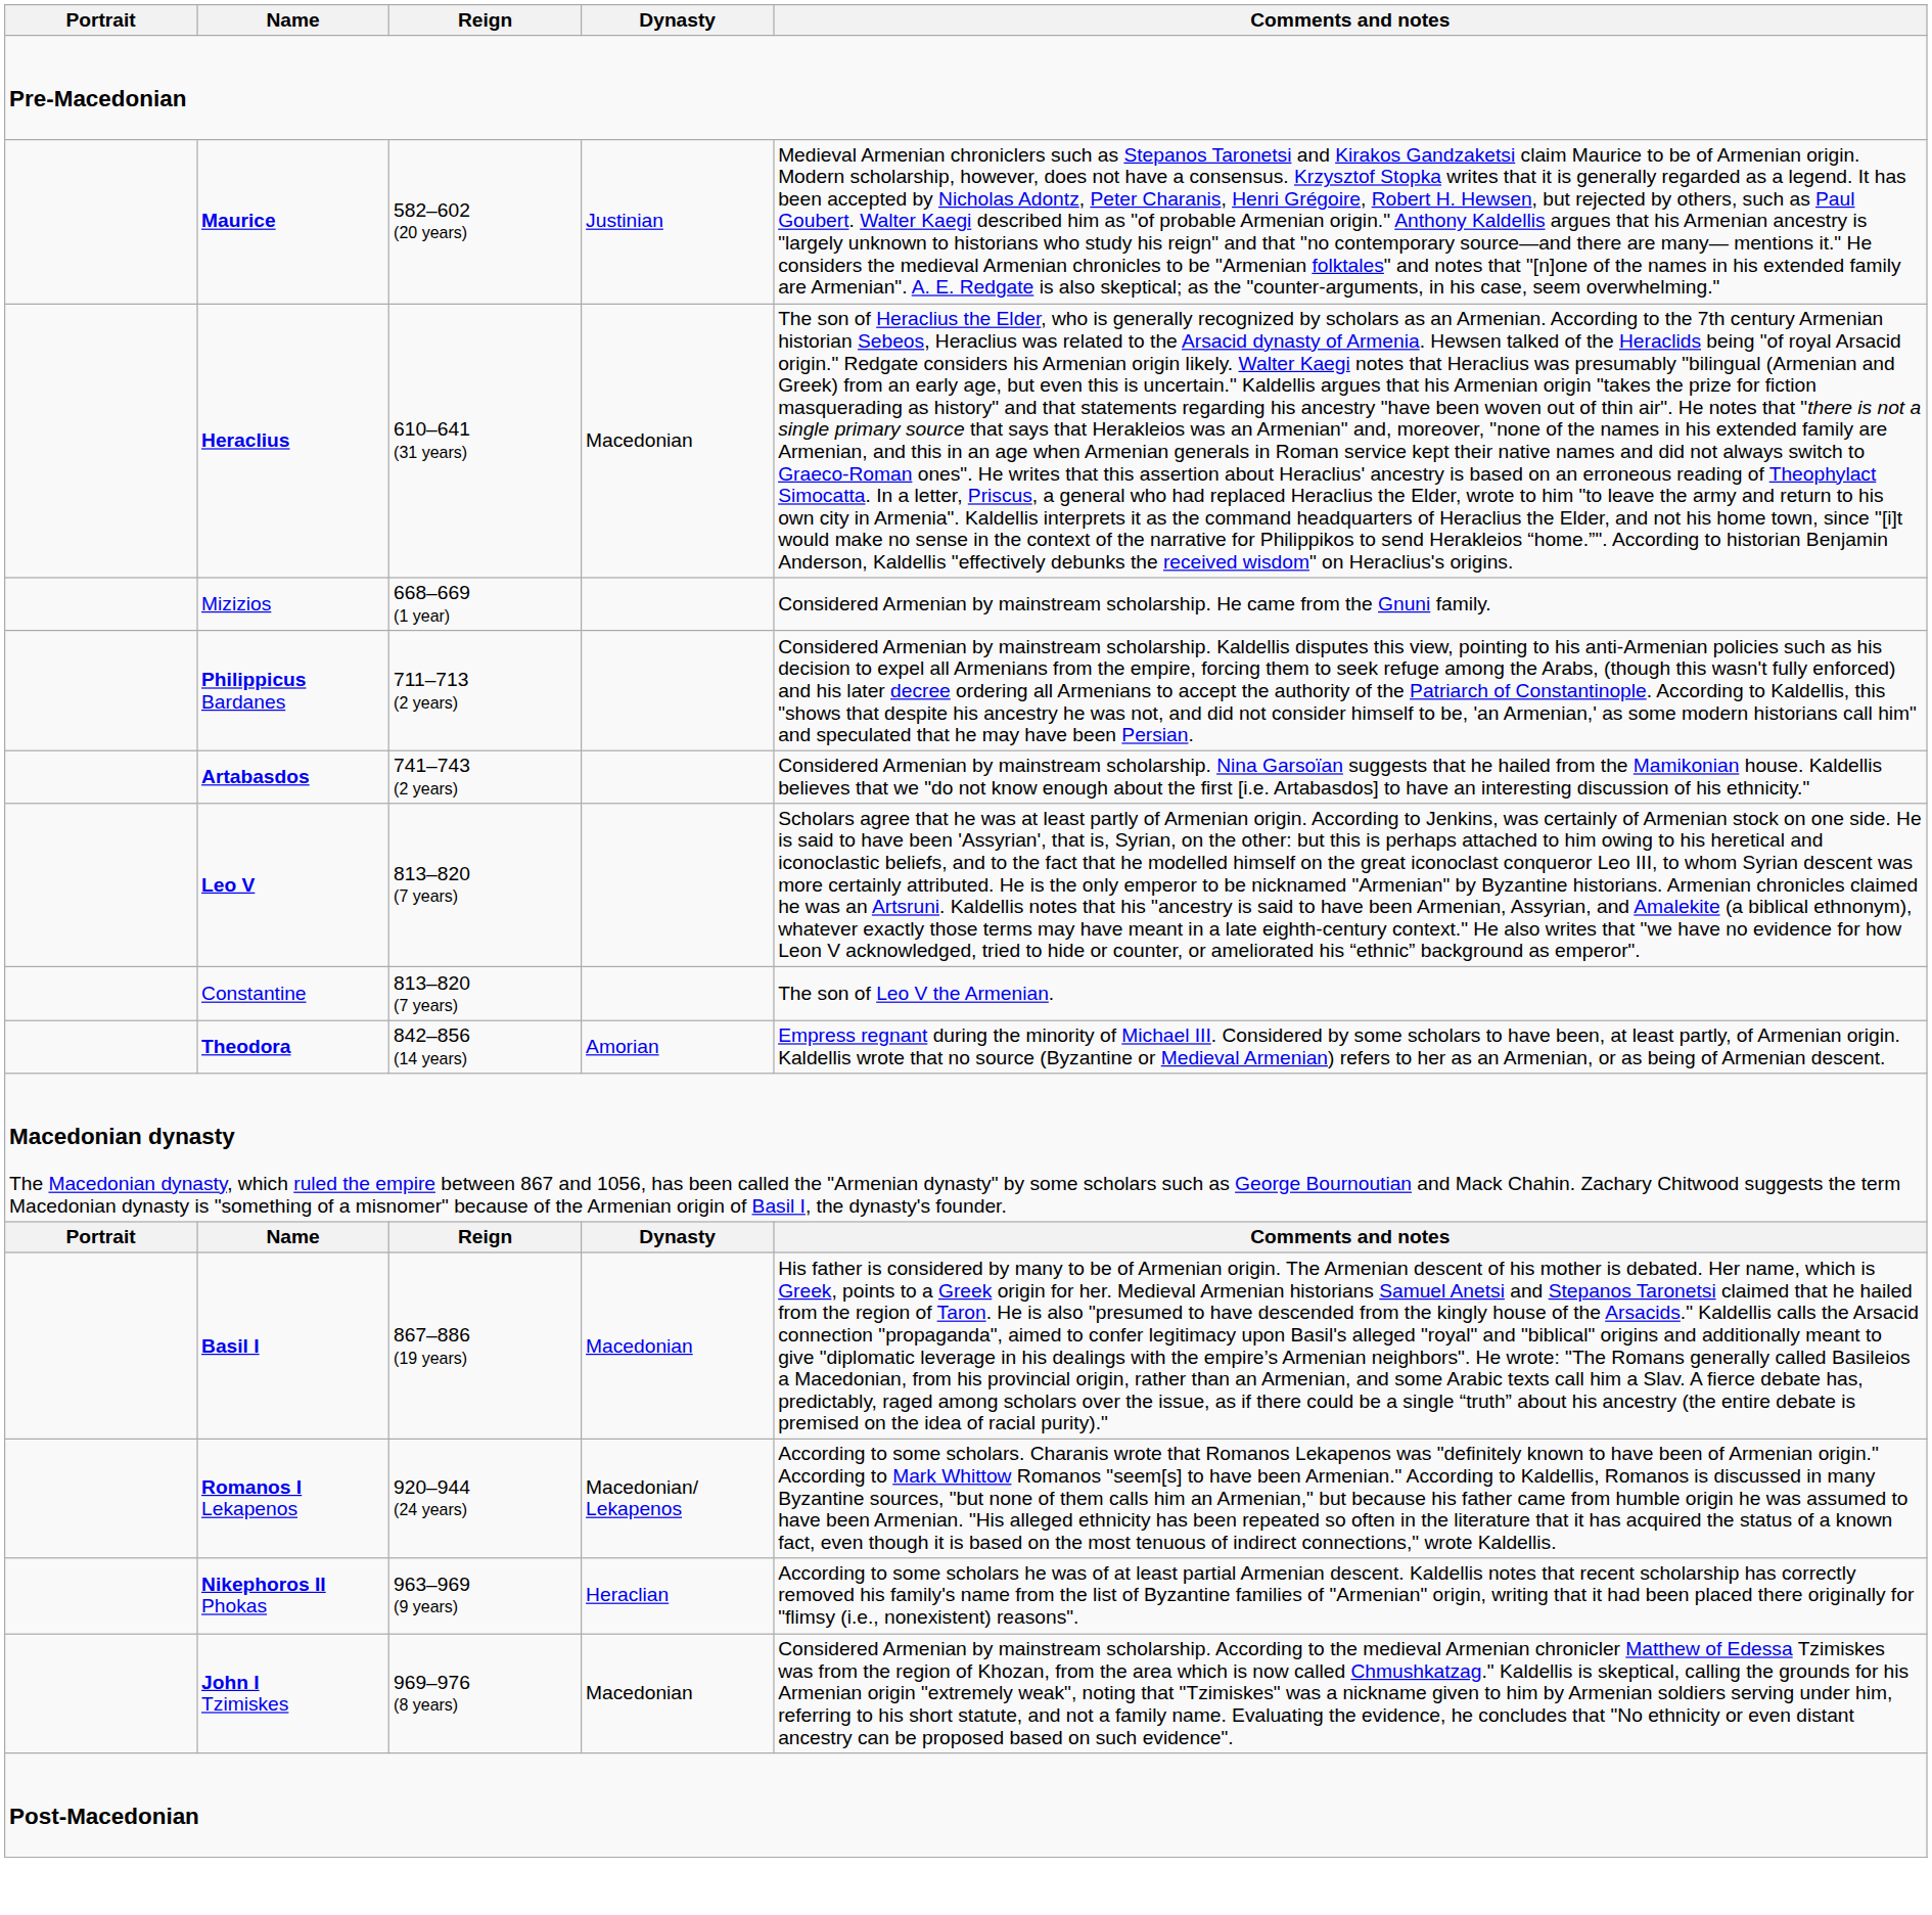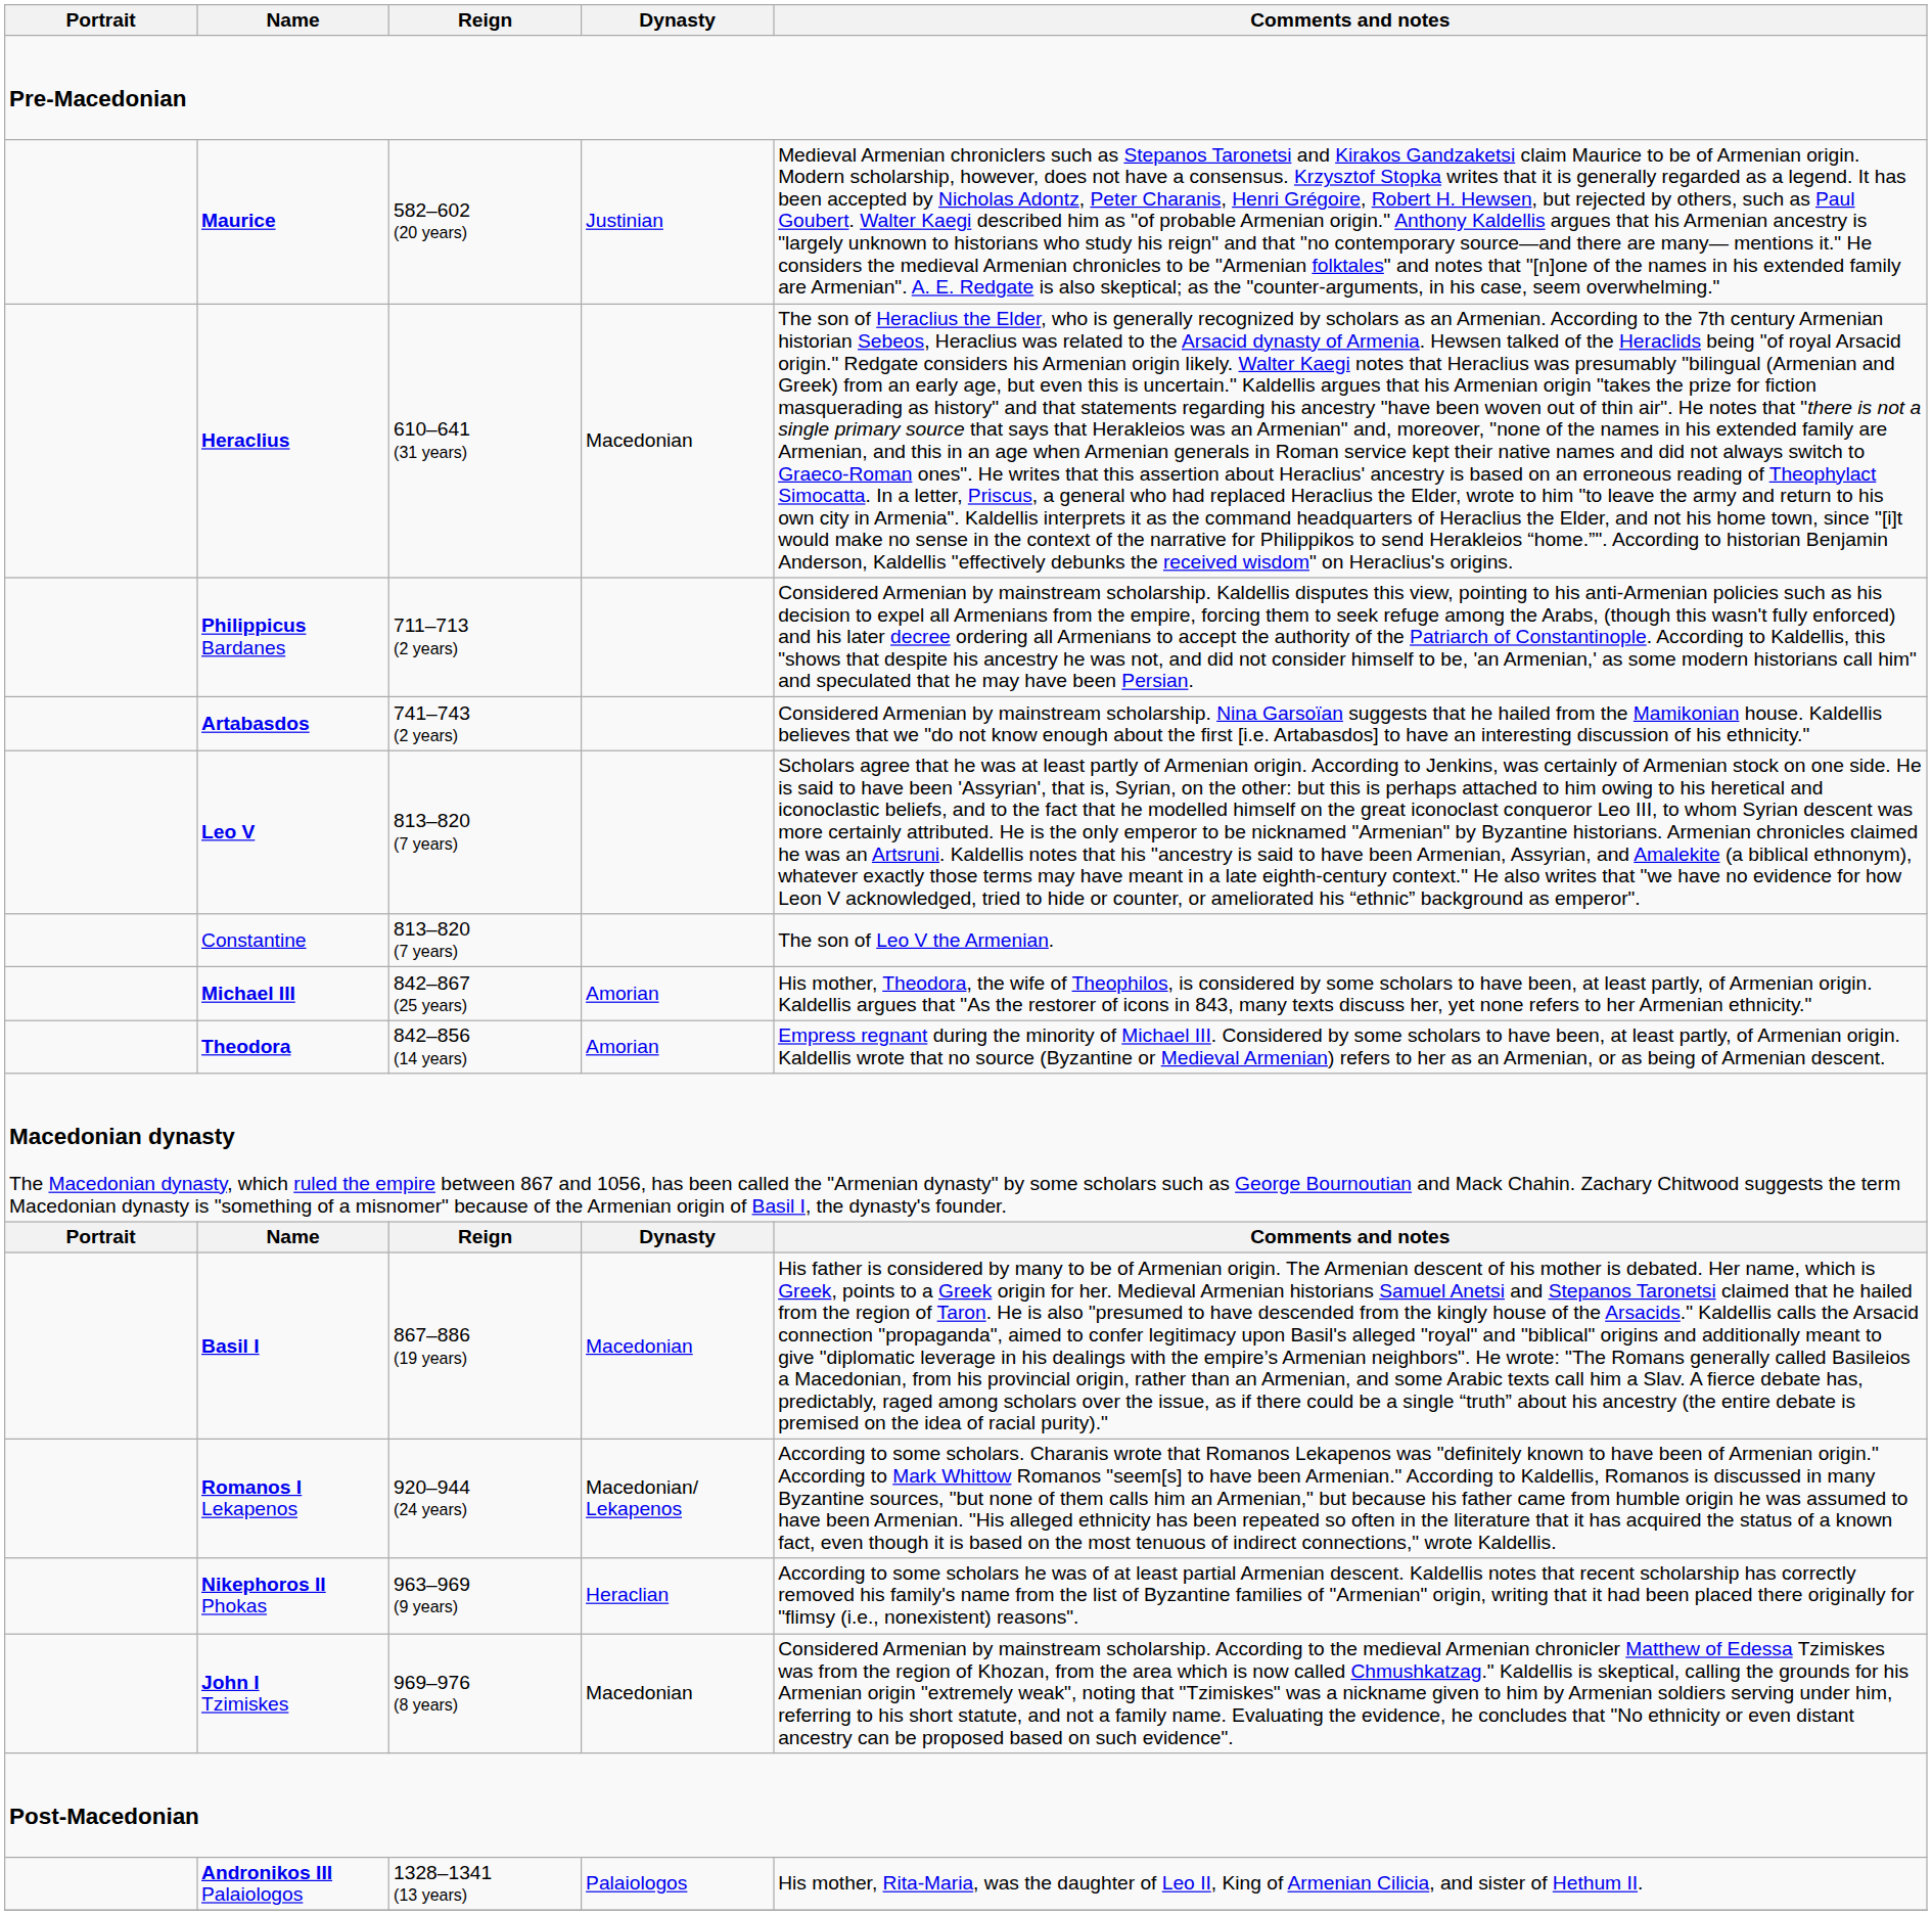 <table class="wikitable sortable">
 <tr>
 <th style="width:10%;">Portrait</th>
 <th style="width:10%;">Name</th>
 <th style="width:10%;">Reign</th>
 <th style="width:10%;">Dynasty</th>
 <th style="width:60%;">Comments and notes</th>
 </tr>
 <tr>
 <td colspan=5><br><h3>Pre-Macedonian</h3></td>
 </tr>
 <tr>
 <td></td>
 <td><strong><a href='#'>Maurice</a></strong></td>
 <td>582–602<br><small>(20 years)</small></td>
 <td><a href='#'>Justinian</a></td>
 <td>Medieval Armenian chroniclers such as <a href='#'>Stepanos Taronetsi</a> and <a href='#'>Kirakos Gandzaketsi</a> claim Maurice to be of Armenian origin. Modern scholarship, however, does not have a consensus. <a href='#'>Krzysztof Stopka</a> writes that it is generally regarded as a legend. It has been accepted by <a href='#'>Nicholas Adontz</a>, <a href='#'>Peter Charanis</a>, <a href='#'>Henri Grégoire</a>, <a href='#'>Robert H. Hewsen</a>, but rejected by others, such as <a href='#'>Paul Goubert</a>. <a href='#'>Walter Kaegi</a> described him as "of probable Armenian origin." <a href='#'>Anthony Kaldellis</a> argues that his Armenian ancestry is "largely unknown to historians who study his reign" and that "no contemporary source—and there are many— mentions it." He considers the medieval Armenian chronicles to be "Armenian <a href='#'>folktales</a>" and notes that "[n]one of the names in his extended family are Armenian". <a href='#'>A. E. Redgate</a> is also skeptical; as the "counter-arguments, in his case, seem overwhelming."</td>
 </tr>
 <tr>
 <td></td>
 <td><strong><a href='#'>Heraclius</a></strong></td>
 <td>610–641<br><small>(31 years)</small></td>
 <td>Macedonian</td>
 <td>The son of <a href='#'>Heraclius the Elder</a>, who is generally recognized by scholars as an Armenian. According to the 7th century Armenian historian <a href='#'>Sebeos</a>, Heraclius was related to the <a href='#'>Arsacid dynasty of Armenia</a>. Hewsen talked of the <a href='#'>Heraclids</a> being "of royal Arsacid origin." Redgate considers his Armenian origin likely. <a href='#'>Walter Kaegi</a> notes that Heraclius was presumably "bilingual (Armenian and Greek) from an early age, but even this is uncertain." Kaldellis argues that his Armenian origin "takes the prize for fiction masquerading as history" and that statements regarding his ancestry "have been woven out of thin air". He notes that "<em>there is not a single primary source</em> that says that Herakleios was an Armenian" and, moreover, "none of the names in his extended family are Armenian, and this in an age when Armenian generals in Roman service kept their native names and did not always switch to <a href='#'>Graeco-Roman</a> ones". He writes that this assertion about Heraclius' ancestry is based on an erroneous reading of <a href='#'>Theophylact Simocatta</a>. In a letter, <a href='#'>Priscus</a>, a general who had replaced Heraclius the Elder, wrote to him "to leave the army and return to his own city in Armenia". Kaldellis interprets it as the command headquarters of Heraclius the Elder, and not his home town, since "[i]t would make no sense in the context of the narrative for Philippikos to send Herakleios “home.”". According to historian Benjamin Anderson, Kaldellis "effectively debunks the <a href='#'>received wisdom</a>" on Heraclius's origins.</td>
-</tr>
-<tr>
-<td></td>
-<td><a href='#'>Mizizios</a></td>
-<td>668–669<br><small>(1 year)</small></td>
-<td></td>
-<td>Considered Armenian by mainstream scholarship. He came from the <a href='#'>Gnuni</a> family.</td>
 </tr>
 <tr>
 <td></td>
 <td><a href='#'><strong>Philippicus</strong><br>Bardanes</a></td>
 <td>711–713<br><small>(2 years)</small></td>
 <td></td>
 <td>Considered Armenian by mainstream scholarship. Kaldellis disputes this view, pointing to his anti-Armenian policies such as his decision to expel all Armenians from the empire, forcing them to seek refuge among the Arabs, (though this wasn't fully enforced) and his later <a href='#'>decree</a> ordering all Armenians to accept the authority of the <a href='#'>Patriarch of Constantinople</a>. According to Kaldellis, this "shows that despite his ancestry he was not, and did not consider himself to be, 'an Armenian,' as some modern historians call him" and speculated that he may have been <a href='#'>Persian</a>.</td>
 </tr>
 <tr>
 <td></td>
 <td><strong><a href='#'>Artabasdos</a></strong></td>
 <td>741–743<br><small>(2 years)</small></td>
 <td></td>
 <td>Considered Armenian by mainstream scholarship. <a href='#'>Nina Garsoïan</a> suggests that he hailed from the <a href='#'>Mamikonian</a> house. Kaldellis believes that we "do not know enough about the first [i.e. Artabasdos] to have an interesting discussion of his ethnicity."</td>
 </tr>
 <tr>
 <td></td>
 <td><strong><a href='#'>Leo V</a></strong></td>
 <td>813–820<br><small>(7 years)</small></td>
 <td></td>
 <td>Scholars agree that he was at least partly of Armenian origin. According to Jenkins, was certainly of Armenian stock on one side. He is said to have been 'Assyrian', that is, Syrian, on the other: but this is perhaps attached to him owing to his heretical and iconoclastic beliefs, and to the fact that he modelled himself on the great iconoclast conqueror Leo III, to whom Syrian descent was more certainly attributed. He is the only emperor to be nicknamed "Armenian" by Byzantine historians. Armenian chronicles claimed he was an <a href='#'>Artsruni</a>. Kaldellis notes that his "ancestry is said to have been Armenian, Assyrian, and <a href='#'>Amalekite</a> (a biblical ethnonym), whatever exactly those terms may have meant in a late eighth-century context." He also writes that "we have no evidence for how Leon V acknowledged, tried to hide or counter, or ameliorated his “ethnic” background as emperor".</td>
 </tr>
 <tr>
 <td></td>
 <td><a href='#'>Constantine</a></td>
 <td>813–820<br><small>(7 years)</small></td>
 <td></td>
 <td>The son of <a href='#'>Leo V the Armenian</a>.</td>
+</tr>
+<tr>
+<td></td>
+<td><strong><a href='#'>Michael III</a></strong></td>
+<td>842–867<br><small>(25 years)</small></td>
+<td><a href='#'>Amorian</a></td>
+<td>His mother, <a href='#'>Theodora</a>, the wife of <a href='#'>Theophilos</a>, is considered by some scholars to have been, at least partly, of Armenian origin. Kaldellis argues that "As the restorer of icons in 843, many texts discuss her, yet none refers to her Armenian ethnicity."</td>
 </tr>
 <tr>
 <td></td>
 <td><strong><a href='#'>Theodora</a></strong></td>
 <td>842–856<br><small>(14 years)</small></td>
 <td><a href='#'>Amorian</a></td>
 <td><a href='#'>Empress regnant</a> during the minority of <a href='#'>Michael III</a>. Considered by some scholars to have been, at least partly, of Armenian origin. Kaldellis wrote that no source (Byzantine or <a href='#'>Medieval Armenian</a>) refers to her as an Armenian, or as being of Armenian descent.</td>
 </tr>
 <tr>
 <td colspan=5><br><h3>Macedonian dynasty</h3>The <a href='#'>Macedonian dynasty</a>, which <a href='#'>ruled the empire</a> between 867 and 1056, has been called the "Armenian dynasty" by some scholars such as <a href='#'>George Bournoutian</a> and Mack Chahin. Zachary Chitwood suggests the term Macedonian dynasty is "something of a misnomer" because of the Armenian origin of <a href='#'>Basil I</a>, the dynasty's founder.</td>
 </tr>
 <tr>
 <th style="width:10%;">Portrait</th>
 <th style="width: 120px;">Name</th>
 <th>Reign</th>
 <th>Dynasty</th>
 <th>Comments and notes</th>
 </tr>
 <tr>
 <td></td>
 <td><strong><a href='#'>Basil I</a></strong></td>
 <td>867–886<br><small>(19 years)</small></td>
 <td><a href='#'>Macedonian</a></td>
 <td>His father is considered by many to be of Armenian origin. The Armenian descent of his mother is debated. Her name, which is <a href='#'>Greek</a>, points to a <a href='#'>Greek</a> origin for her. Medieval Armenian historians <a href='#'>Samuel Anetsi</a> and <a href='#'>Stepanos Taronetsi</a> claimed that he hailed from the region of <a href='#'>Taron</a>. He is also "presumed to have descended from the kingly house of the <a href='#'>Arsacids</a>." Kaldellis calls the Arsacid connection "propaganda", aimed to confer legitimacy upon Basil's alleged "royal" and "biblical" origins and additionally meant to give "diplomatic leverage in his dealings with the empire’s Armenian neighbors". He wrote: "The Romans generally called Basileios a Macedonian, from his provincial origin, rather than an Armenian, and some Arabic texts call him a Slav. A fierce debate has, predictably, raged among scholars over the issue, as if there could be a single “truth” about his ancestry (the entire debate is premised on the idea of racial purity)."</td>
 </tr>
 <tr>
 <td></td>
 <td><a href='#'><strong>Romanos I</strong><br>Lekapenos</a></td>
 <td>920–944<br><small>(24 years)</small></td>
 <td>Macedonian/<br><a href='#'>Lekapenos</a></td>
 <td>According to some scholars. Charanis wrote that Romanos Lekapenos was "definitely known to have been of Armenian origin." According to <a href='#'>Mark Whittow</a> Romanos "seem[s] to have been Armenian." According to Kaldellis, Romanos is discussed in many Byzantine sources, "but none of them calls him an Armenian," but because his father came from humble origin he was assumed to have been Armenian. "His alleged ethnicity has been repeated so often in the literature that it has acquired the status of a known fact, even though it is based on the most tenuous of indirect connections," wrote Kaldellis.</td>
 </tr>
 <tr>
 <td></td>
 <td><a href='#'><strong>Nikephoros II</strong><br>Phokas</a></td>
 <td>963–969<br><small>(9 years)</small></td>
 <td><a href='#'>Heraclian</a></td>
 <td>According to some scholars he was of at least partial Armenian descent. Kaldellis notes that recent scholarship has correctly removed his family's name from the list of Byzantine families of "Armenian" origin, writing that it had been placed there originally for "flimsy (i.e., nonexistent) reasons".</td>
 </tr>
 <tr>
 <td></td>
 <td><a href='#'><strong>John I</strong><br>Tzimiskes</a></td>
 <td>969–976<br><small>(8 years)</small></td>
 <td>Macedonian</td>
 <td>Considered Armenian by mainstream scholarship. According to the medieval Armenian chronicler <a href='#'>Matthew of Edessa</a> Tzimiskes was from the region of Khozan, from the area which is now called <a href='#'>Chmushkatzag</a>." Kaldellis is skeptical, calling the grounds for his Armenian origin "extremely weak", noting that "Tzimiskes" was a nickname given to him by Armenian soldiers serving under him, referring to his short statute, and not a family name. Evaluating the evidence, he concludes that "No ethnicity or even distant ancestry can be proposed based on such evidence".</td>
 </tr>
 <tr>
 <td colspan=5><br><h3>Post-Macedonian</h3></td>
 </tr>
 <tr>
+<td></td>
+<td><a href='#'><strong>Andronikos III</strong><br>Palaiologos</a></td>
+<td>1328–1341<br><small>(13 years)</small></td>
+<td><a href='#'>Palaiologos</a></td>
+<td>His mother, <a href='#'>Rita-Maria</a>, was the daughter of <a href='#'>Leo II</a>, King of <a href='#'>Armenian Cilicia</a>, and sister of <a href='#'>Hethum II</a>.</td>
+</tr>
+<tr>
 </tr>
 </table>
